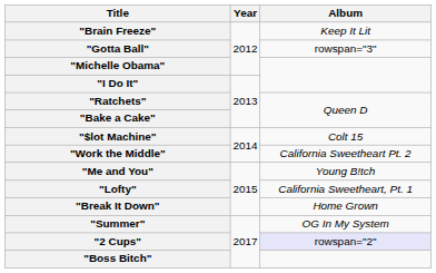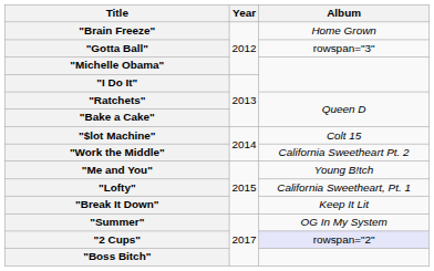 <table class="wikitable plainrowheaders" style="text-align:center;">
 <tr>
 <th scope="col" style="width:20em;">Title</th>
 <th scope="col" style="width:1em;">Year</th>
 <th scope="col" style="width:15em;">Album</th>
 </tr>
 <tr>
 <th scope="row">"Brain Freeze"<br></th>
 <td rowspan="3">2012</td>
-<td><em>Keep It Lit</em></td>
+<td><em>Home Grown</em></td>
 </tr>
 <tr>
 <th scope="row">"Gotta Ball"<br></th>
 <td>rowspan="3" </td>
 </tr>
 <tr>
 <th scope="row">"Michelle Obama"<br></th>
 </tr>
 <tr>
 <th scope="row">"I Do It"<br></th>
 <td rowspan="3">2013</td>
 </tr>
 <tr>
 <th scope="row">"Ratchets"</th>
 <td rowspan="2"><em>Queen D </em></td>
 </tr>
 <tr>
 <th scope="row">"Bake a Cake"</th>
 </tr>
 <tr>
 <th scope="row">"$lot Machine"</th>
 <td rowspan="2">2014</td>
 <td><em>Colt 15</em></td>
 </tr>
 <tr>
 <th scope="row">"Work the Middle"</th>
 <td><em>California Sweetheart Pt. 2</em></td>
 </tr>
 <tr>
 <th scope="row">"Me and You"</th>
 <td rowspan="3">2015</td>
 <td><em>Young B!tch</em></td>
 </tr>
 <tr>
 <th scope="row">"Lofty"</th>
 <td><em>California Sweetheart, Pt. 1</em></td>
 </tr>
 <tr>
 <th scope="row">"Break It Down"</th>
-<td><em>Home Grown</em></td>
+<td><em>Keep It Lit</em></td>
 </tr>
 <tr>
 <th scope="row">"Summer"</th>
 <td rowspan="3">2017</td>
 <td><em>OG In My System</em></td>
 </tr>
 <tr>
 <th scope="row">"2 Cups"</th>
 <td style="background: lavender;">rowspan="2" </td>
 </tr>
 <tr>
 <th scope="row">"Boss Bitch" </th>
 </tr>
 </table>
